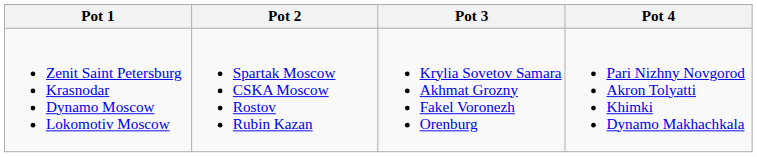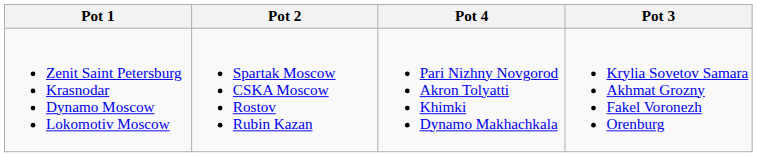 <table class="wikitable">
 <tr>
 <th width="25%">Pot 1</th>
 <th width="25%">Pot 2</th>
+<th width="25%">Pot 4</th>
 <th width="25%">Pot 3</th>
-<th width="25%">Pot 4</th>
 </tr>
 <tr>
 <td><br><ul><li><a href='#'>Zenit Saint Petersburg</a></li><li><a href='#'>Krasnodar</a></li><li><a href='#'>Dynamo Moscow</a></li><li><a href='#'>Lokomotiv Moscow</a></li></ul></td>
 <td><br><ul><li><a href='#'>Spartak Moscow</a></li><li><a href='#'>CSKA Moscow</a></li><li><a href='#'>Rostov</a></li><li><a href='#'>Rubin Kazan</a></li></ul></td>
+<td><br><ul><li><a href='#'>Pari Nizhny Novgorod</a></li><li><a href='#'>Akron Tolyatti</a></li><li><a href='#'>Khimki</a></li><li><a href='#'>Dynamo Makhachkala</a></li></ul></td>
 <td><br><ul><li><a href='#'>Krylia Sovetov Samara</a></li><li><a href='#'>Akhmat Grozny</a></li><li><a href='#'>Fakel Voronezh</a></li><li><a href='#'>Orenburg</a></li></ul></td>
-<td><br><ul><li><a href='#'>Pari Nizhny Novgorod</a></li><li><a href='#'>Akron Tolyatti</a></li><li><a href='#'>Khimki</a></li><li><a href='#'>Dynamo Makhachkala</a></li></ul></td>
 </tr>
 </table>
